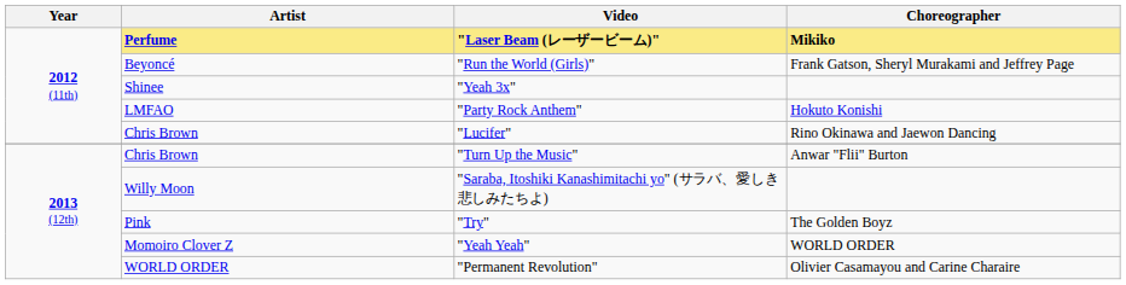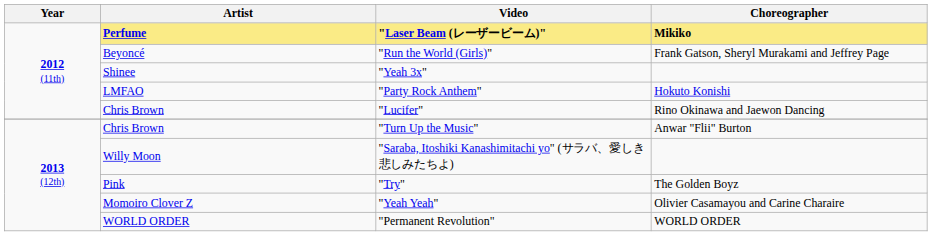 <table class="sortable wikitable">
 <tr>
 <th width="8%">Year</th>
 <th width="23%">Artist</th>
 <th width="23%">Video</th>
 <th width="23%">Choreographer</th>
 </tr>
 <tr>
 <td rowspan=5 style="text-align:center"><strong><a href='#'>2012</a></strong><br><small><a href='#'>(11th)</a></small></td>
 <td style="background:#FAEB86"><strong><a href='#'>Perfume</a></strong></td>
 <td style="background:#FAEB86"><strong>"<a href='#'>Laser Beam</a> (レーザービーム)"</strong></td>
 <td style="background:#FAEB86"><strong>Mikiko</strong></td>
 </tr>
 <tr>
 <td><a href='#'>Beyoncé</a></td>
 <td>"<a href='#'>Run the World (Girls)</a>"</td>
 <td>Frank Gatson, Sheryl Murakami and Jeffrey Page</td>
 </tr>
 <tr>
 <td><a href='#'>Shinee</a></td>
 <td>"<a href='#'>Yeah 3x</a>"</td>
 <td></td>
 </tr>
 <tr>
 <td><a href='#'>LMFAO</a></td>
 <td>"<a href='#'>Party Rock Anthem</a>"</td>
 <td><a href='#'>Hokuto Konishi</a></td>
 </tr>
 <tr>
 <td><a href='#'>Chris Brown</a></td>
 <td>"<a href='#'>Lucifer</a>"</td>
 <td>Rino Okinawa and Jaewon Dancing</td>
 </tr>
 <tr>
 </tr>
 <tr>
 <td rowspan=5 style="text-align:center"><strong><a href='#'>2013</a></strong><br><small><a href='#'>(12th)</a></small></td>
 <td><a href='#'>Chris Brown</a></td>
 <td>"<a href='#'>Turn Up the Music</a>"</td>
 <td>Anwar "Flii" Burton</td>
 </tr>
 <tr>
 <td><a href='#'>Willy Moon</a></td>
 <td>"<a href='#'>Saraba, Itoshiki Kanashimitachi yo</a>" (サラバ、愛しき悲しみたちよ)</td>
 <td></td>
 </tr>
 <tr>
 <td><a href='#'>Pink</a></td>
 <td>"<a href='#'>Try</a>"</td>
 <td>The Golden Boyz</td>
 </tr>
 <tr>
 <td><a href='#'>Momoiro Clover Z</a></td>
 <td>"<a href='#'>Yeah Yeah</a>"</td>
-<td>WORLD ORDER</td>
+<td>Olivier Casamayou and Carine Charaire</td>
 </tr>
 <tr>
 <td><a href='#'>WORLD ORDER</a></td>
 <td>"Permanent Revolution"</td>
-<td>Olivier Casamayou and Carine Charaire</td>
+<td>WORLD ORDER</td>
 </tr>
 </table>
